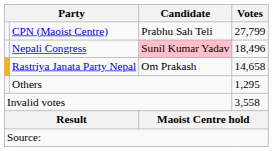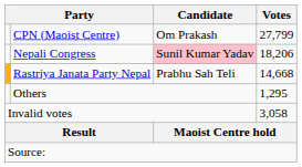 <table class="wikitable">
 <tr>
 <th colspan="2">Party</th>
 <th>Candidate</th>
 <th>Votes</th>
 </tr>
 <tr>
 <td style="background-color:"></td>
 <td><a href='#'>CPN (Maoist Centre)</a></td>
-<td>Prabhu Sah Teli</td>
+<td>Om Prakash</td>
 <td>27,799</td>
 </tr>
 <tr>
 <td style="background-color:"></td>
 <td><a href='#'>Nepali Congress</a></td>
 <td style="background: pink;">Sunil Kumar Yadav</td>
-<td>18,496</td>
+<td>18,206</td>
 </tr>
 <tr>
 <td style="background-color:#ffb300"></td>
 <td><a href='#'>Rastriya Janata Party Nepal</a></td>
-<td>Om Prakash</td>
-<td>14,658</td>
+<td>Prabhu Sah Teli</td>
+<td>14,668</td>
 </tr>
 <tr>
 <td></td>
 <td colspan="2">Others</td>
 <td>1,295</td>
 </tr>
 <tr>
 <td colspan="3">Invalid votes</td>
-<td>3,558</td>
+<td>3,058</td>
 </tr>
 <tr>
 <th colspan="2">Result</th>
 <th colspan="2">Maoist Centre hold</th>
 </tr>
 <tr>
 <td colspan="4">Source: </td>
 </tr>
 </table>
